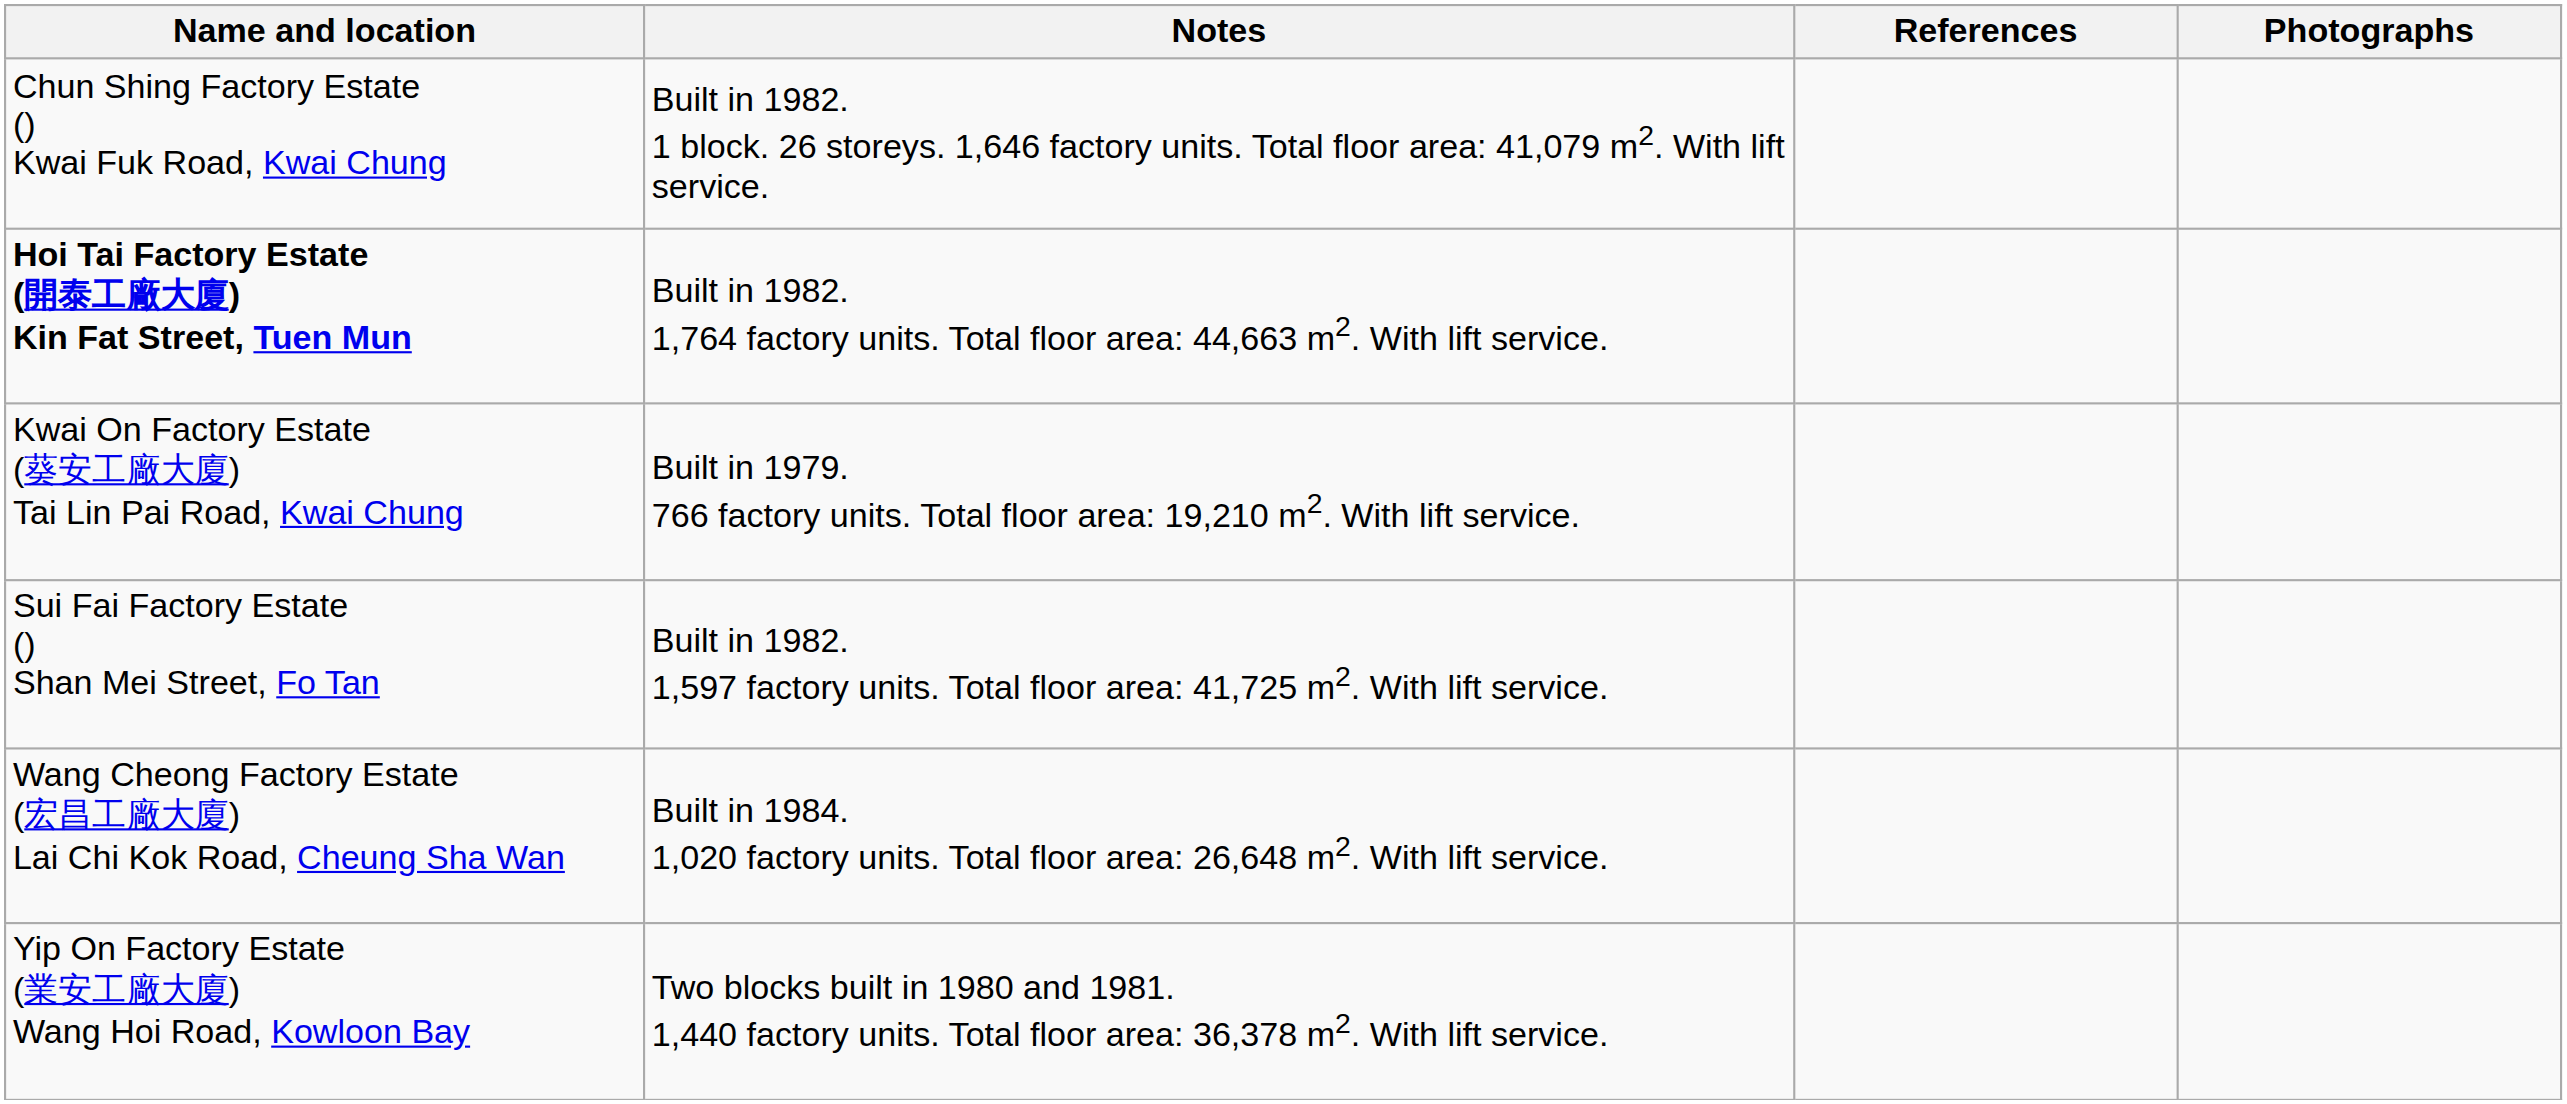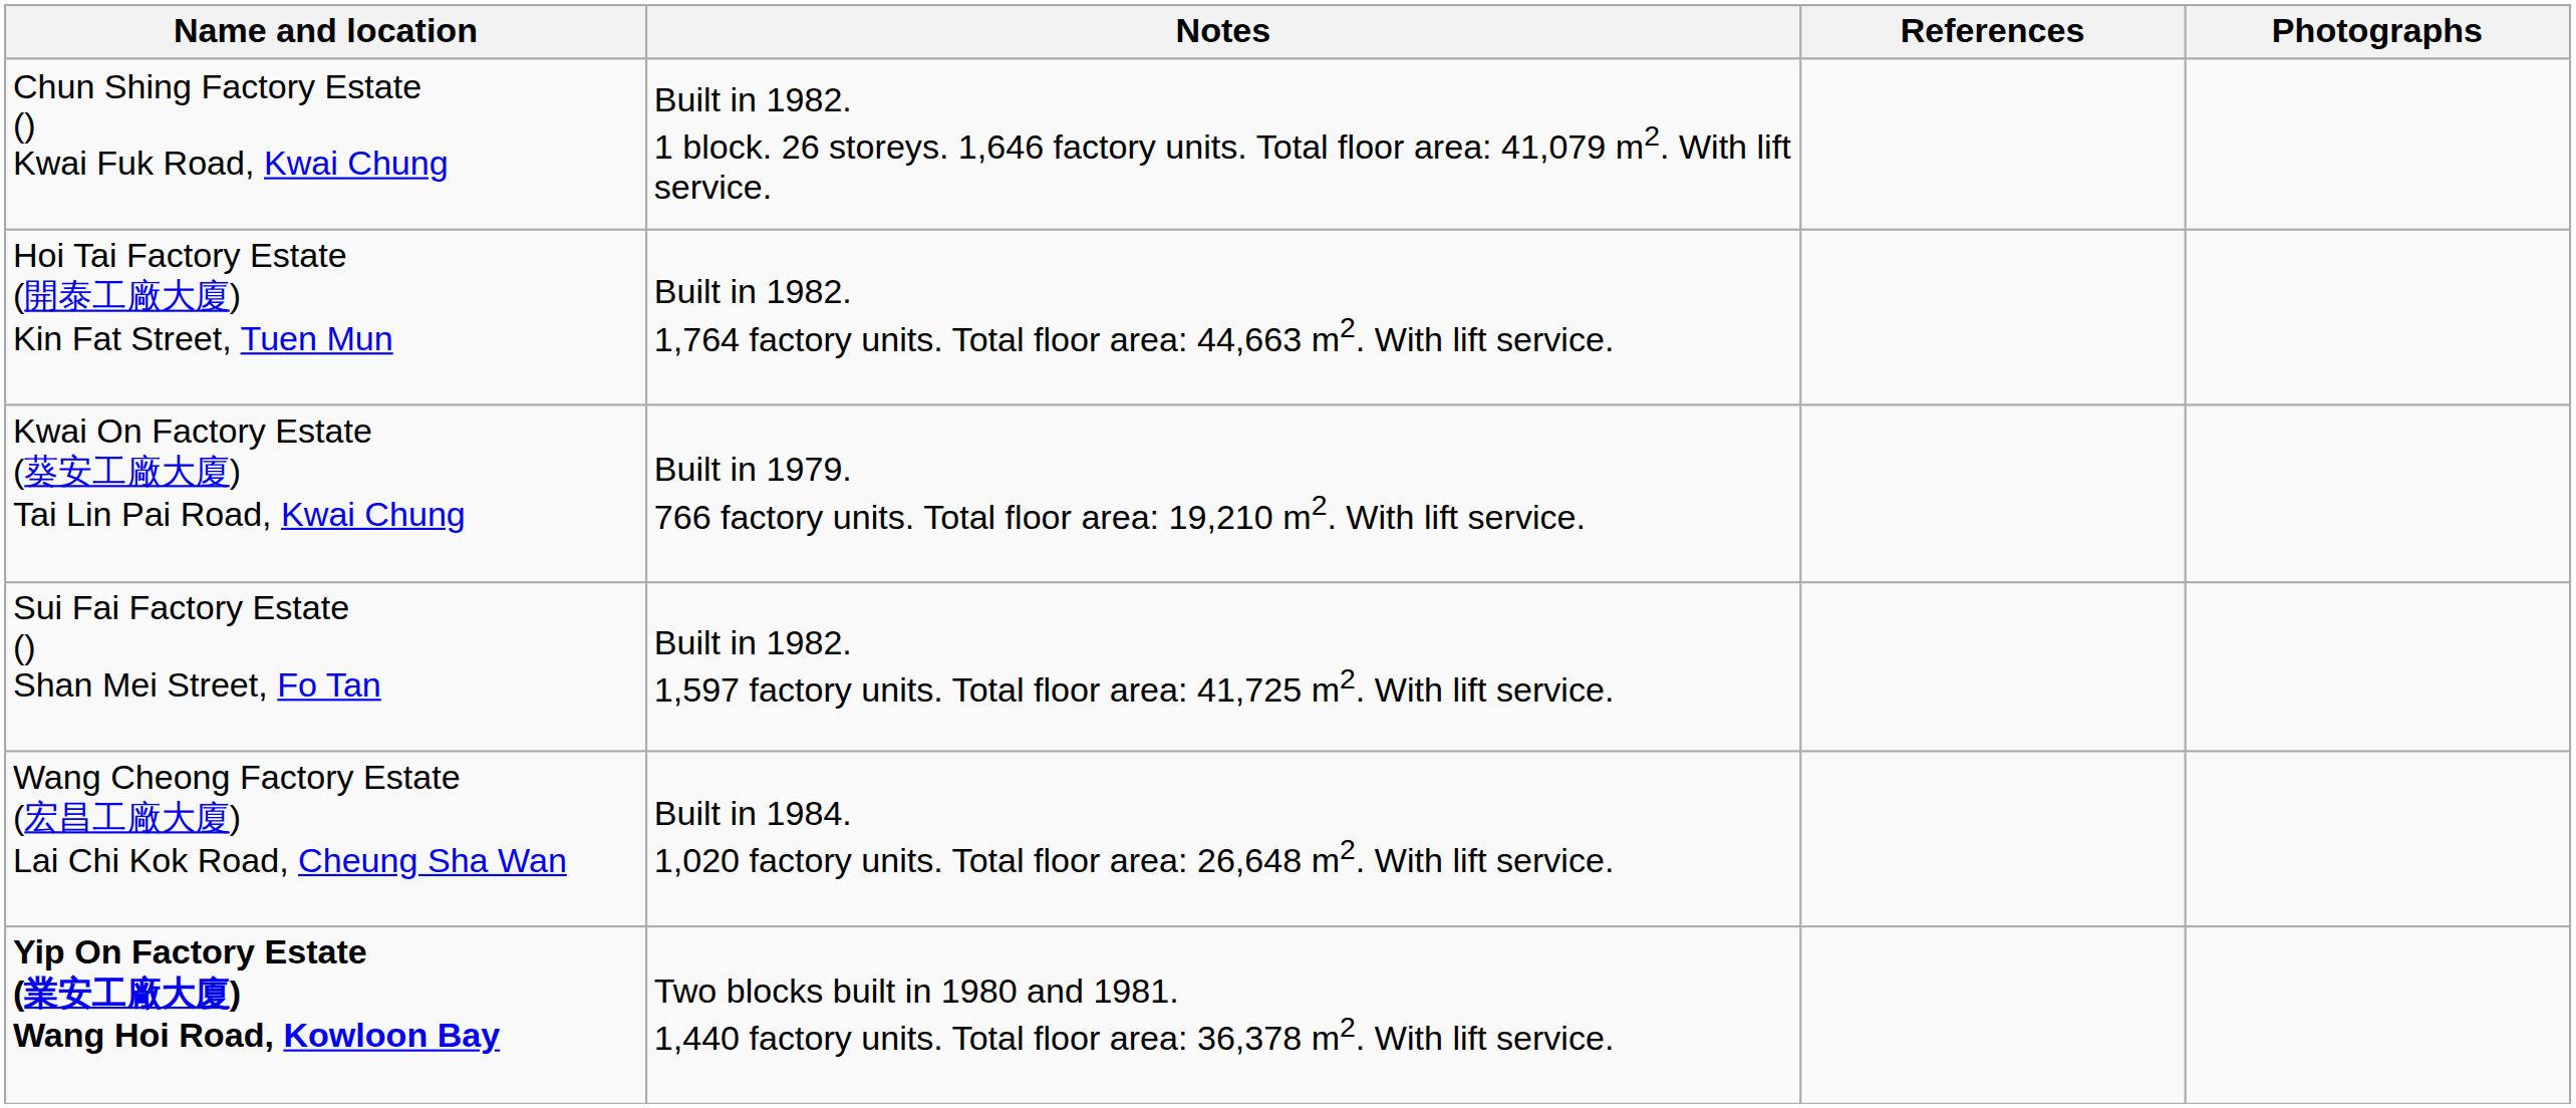 <table class="wikitable sortable" style="width:95%">
 <tr>
 <th width="25%">Name and location</th>
 <th width="45%">Notes</th>
 <th width="15%">References</th>
 <th width="15%">Photographs</th>
 </tr>
 <tr>
 <td>Chun Shing Factory Estate<br>()<br>Kwai Fuk Road, <a href='#'>Kwai Chung</a><br><br></td>
 <td>Built in 1982.<br>1 block. 26 storeys. 1,646 factory units. Total floor area: 41,079 m<sup>2</sup>. With lift service.</td>
 <td></td>
 <td></td>
 </tr>
 <tr>
-<td><strong>Hoi Tai Factory Estate<br>(<a href='#'>開泰工廠大廈</a>)<br>Kin Fat Street, <a href='#'>Tuen Mun</a><br><br></strong></td>
+<td>Hoi Tai Factory Estate<br>(<a href='#'>開泰工廠大廈</a>)<br>Kin Fat Street, <a href='#'>Tuen Mun</a><br><br></td>
 <td>Built in 1982.<br>1,764 factory units. Total floor area: 44,663 m<sup>2</sup>. With lift service.</td>
 <td></td>
 <td></td>
 </tr>
 <tr>
 <td>Kwai On Factory Estate<br>(<a href='#'>葵安工廠大廈</a>)<br>Tai Lin Pai Road, <a href='#'>Kwai Chung</a><br><br></td>
 <td>Built in 1979.<br>766 factory units. Total floor area: 19,210 m<sup>2</sup>. With lift service.</td>
 <td></td>
 <td></td>
 </tr>
 <tr>
 <td>Sui Fai Factory Estate<br>()<br>Shan Mei Street, <a href='#'>Fo Tan</a><br><br></td>
 <td>Built in 1982.<br>1,597 factory units. Total floor area: 41,725 m<sup>2</sup>. With lift service.</td>
 <td></td>
 <td></td>
 </tr>
 <tr>
 <td>Wang Cheong Factory Estate<br>(<a href='#'>宏昌工廠大廈</a>)<br>Lai Chi Kok Road, <a href='#'>Cheung Sha Wan</a><br><br></td>
 <td>Built in 1984.<br>1,020 factory units. Total floor area: 26,648 m<sup>2</sup>. With lift service.</td>
 <td></td>
 <td></td>
 </tr>
 <tr>
-<td>Yip On Factory Estate<br>(<a href='#'>業安工廠大廈</a>)<br>Wang Hoi Road, <a href='#'>Kowloon Bay</a><br><br></td>
+<td><strong>Yip On Factory Estate<br>(<a href='#'>業安工廠大廈</a>)<br>Wang Hoi Road, <a href='#'>Kowloon Bay</a><br><br></strong></td>
 <td>Two blocks built in 1980 and 1981.<br>1,440 factory units. Total floor area: 36,378 m<sup>2</sup>. With lift service.</td>
 <td></td>
 <td></td>
 </tr>
 </table>
